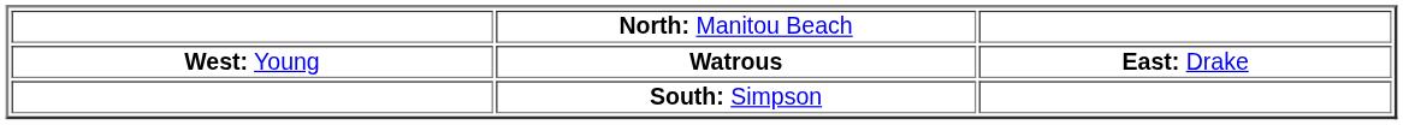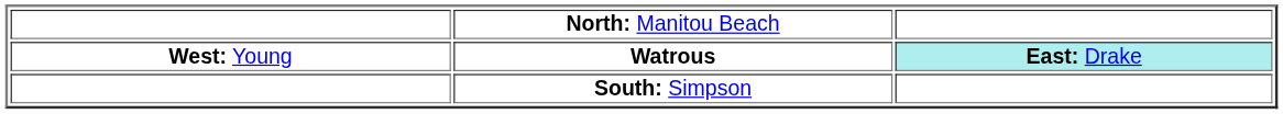 <table width ="75%" border = 2 align="center">
 <tr ---->
 <td width ="35%" align="center"></td>
 <td width ="30%" align="center"><strong>North:</strong> <a href='#'>Manitou Beach</a></td>
 <td width ="35%" align="center"></td>
 </tr>
 <tr ---->
 <td width ="10%" align="center"><strong>West:</strong> <a href='#'>Young</a></td>
 <td width ="35%" align="center"><strong>Watrous</strong></td>
-<td width ="30%" align="center"><strong>East:</strong> <a href='#'>Drake</a></td>
+<td width ="30%" align="center" style="background: paleturquoise;"><strong>East:</strong> <a href='#'>Drake</a></td>
 </tr>
 <tr ---->
 <td width ="35%" align="center"></td>
 <td width ="30%" align="center"><strong>South:</strong> <a href='#'>Simpson</a></td>
 <td width ="35%" align="center"></td>
 </tr>
 </table>
